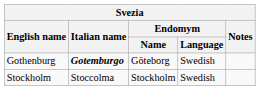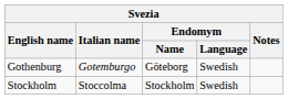 <table class="wikitable sortable">
 <tr>
 <th colspan="5"> Svezia</th>
 </tr>
 <tr>
 <th rowspan="2">English name</th>
 <th rowspan="2">Italian name</th>
 <th colspan="2">Endomym</th>
 <th rowspan="2">Notes</th>
 </tr>
 <tr>
 <th>Name</th>
 <th>Language</th>
 </tr>
 <tr>
 <td>Gothenburg</td>
-<td><strong><em>Gotemburgo</em></strong></td>
+<td><em>Gotemburgo</em></td>
 <td>Göteborg</td>
 <td>Swedish</td>
 <td></td>
 </tr>
 <tr>
 <td>Stockholm</td>
 <td>Stoccolma</td>
 <td>Stockholm</td>
 <td>Swedish</td>
 <td></td>
 </tr>
 </table>
